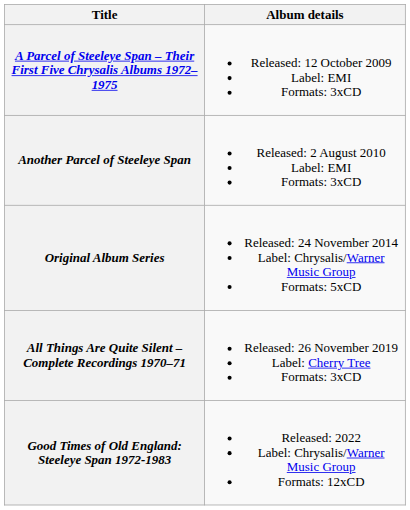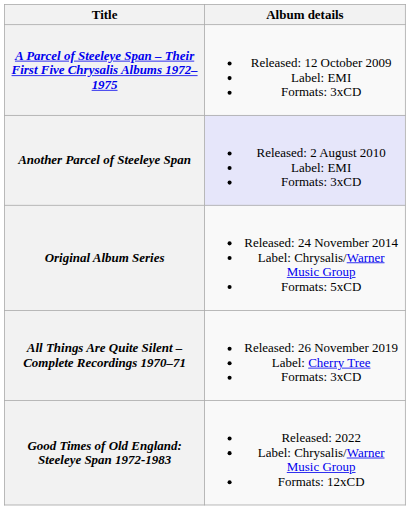 <table class="wikitable plainrowheaders" style="text-align:center;">
 <tr>
 <th scope="col" style="width:15em;">Title</th>
 <th scope="col" style="width:15em;">Album details</th>
 </tr>
 <tr>
 <th scope="row"><em><a href='#'>A Parcel of Steeleye Span – Their First Five Chrysalis Albums 1972–1975</a></em></th>
 <td><br><ul><li>Released: 12 October 2009</li><li>Label: EMI</li><li>Formats: 3xCD</li></ul></td>
 </tr>
 <tr>
 <th scope="row"><em>Another Parcel of Steeleye Span</em></th>
-<td><br><ul><li>Released: 2 August 2010</li><li>Label: EMI</li><li>Formats: 3xCD</li></ul></td>
+<td style="background: lavender;"><br><ul><li>Released: 2 August 2010</li><li>Label: EMI</li><li>Formats: 3xCD</li></ul></td>
 </tr>
 <tr>
 <th scope="row"><em>Original Album Series</em></th>
 <td><br><ul><li>Released: 24 November 2014</li><li>Label: Chrysalis/<a href='#'>Warner Music Group</a></li><li>Formats: 5xCD</li></ul></td>
 </tr>
 <tr>
 <th scope="row"><em>All Things Are Quite Silent – Complete Recordings 1970–71</em></th>
 <td><br><ul><li>Released: 26 November 2019</li><li>Label: <a href='#'>Cherry Tree</a></li><li>Formats: 3xCD</li></ul></td>
 </tr>
 <tr>
 <th scope="row"><em>Good Times of Old England: Steeleye Span 1972-1983</em></th>
 <td><br><ul><li>Released: 2022</li><li>Label: Chrysalis/<a href='#'>Warner Music Group</a></li><li>Formats: 12xCD</li></ul></td>
 </tr>
 </table>
